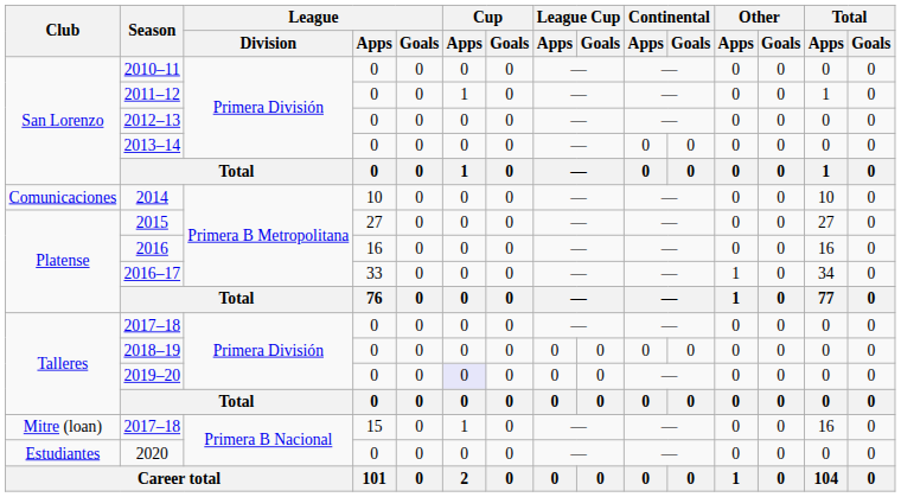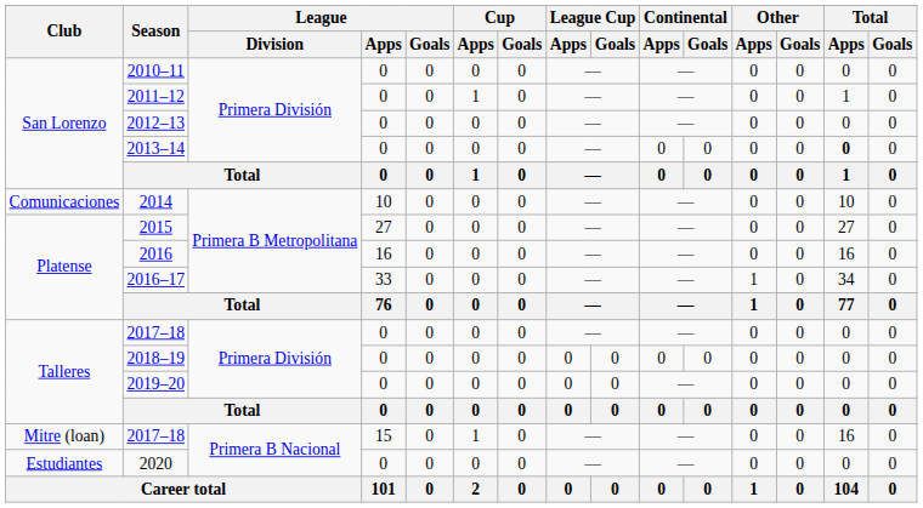 <table class="wikitable" style="text-align:center">
 <tr>
 <th rowspan="2">Club</th>
 <th rowspan="2">Season</th>
 <th colspan="3">League</th>
 <th colspan="2">Cup</th>
 <th colspan="2">League Cup</th>
 <th colspan="2">Continental</th>
 <th colspan="2">Other</th>
 <th colspan="2">Total</th>
 </tr>
 <tr>
 <th>Division</th>
 <th>Apps</th>
 <th>Goals</th>
 <th>Apps</th>
 <th>Goals</th>
 <th>Apps</th>
 <th>Goals</th>
 <th>Apps</th>
 <th>Goals</th>
 <th>Apps</th>
 <th>Goals</th>
 <th>Apps</th>
 <th>Goals</th>
 </tr>
 <tr>
 <td rowspan="5"><a href='#'>San Lorenzo</a></td>
 <td><a href='#'>2010–11</a></td>
 <td rowspan="4"><a href='#'>Primera División</a></td>
 <td>0</td>
 <td>0</td>
 <td>0</td>
 <td>0</td>
 <td colspan="2">—</td>
 <td colspan="2">—</td>
 <td>0</td>
 <td>0</td>
 <td>0</td>
 <td>0</td>
 </tr>
 <tr>
 <td><a href='#'>2011–12</a></td>
 <td>0</td>
 <td>0</td>
 <td>1</td>
 <td>0</td>
 <td colspan="2">—</td>
 <td colspan="2">—</td>
 <td>0</td>
 <td>0</td>
 <td>1</td>
 <td>0</td>
 </tr>
 <tr>
 <td><a href='#'>2012–13</a></td>
 <td>0</td>
 <td>0</td>
 <td>0</td>
 <td>0</td>
 <td colspan="2">—</td>
 <td colspan="2">—</td>
 <td>0</td>
 <td>0</td>
 <td>0</td>
 <td>0</td>
 </tr>
 <tr>
 <td><a href='#'>2013–14</a></td>
 <td>0</td>
 <td>0</td>
 <td>0</td>
 <td>0</td>
 <td colspan="2">—</td>
 <td>0</td>
 <td>0</td>
 <td>0</td>
 <td>0</td>
-<td>0</td>
+<td><strong>0</strong></td>
 <td>0</td>
 </tr>
 <tr>
 <th colspan="2">Total</th>
 <th>0</th>
 <th>0</th>
 <th>1</th>
 <th>0</th>
 <th colspan="2">—</th>
 <th>0</th>
 <th>0</th>
 <th>0</th>
 <th>0</th>
 <th>1</th>
 <th>0</th>
 </tr>
 <tr>
 <td rowspan="1"><a href='#'>Comunicaciones</a></td>
 <td><a href='#'>2014</a></td>
 <td rowspan="4"><a href='#'>Primera B Metropolitana</a></td>
 <td>10</td>
 <td>0</td>
 <td>0</td>
 <td>0</td>
 <td colspan="2">—</td>
 <td colspan="2">—</td>
 <td>0</td>
 <td>0</td>
 <td>10</td>
 <td>0</td>
 </tr>
 <tr>
 <td rowspan="4"><a href='#'>Platense</a></td>
 <td><a href='#'>2015</a></td>
 <td>27</td>
 <td>0</td>
 <td>0</td>
 <td>0</td>
 <td colspan="2">—</td>
 <td colspan="2">—</td>
 <td>0</td>
 <td>0</td>
 <td>27</td>
 <td>0</td>
 </tr>
 <tr>
 <td><a href='#'>2016</a></td>
 <td>16</td>
 <td>0</td>
 <td>0</td>
 <td>0</td>
 <td colspan="2">—</td>
 <td colspan="2">—</td>
 <td>0</td>
 <td>0</td>
 <td>16</td>
 <td>0</td>
 </tr>
 <tr>
 <td><a href='#'>2016–17</a></td>
 <td>33</td>
 <td>0</td>
 <td>0</td>
 <td>0</td>
 <td colspan="2">—</td>
 <td colspan="2">—</td>
 <td>1</td>
 <td>0</td>
 <td>34</td>
 <td>0</td>
 </tr>
 <tr>
 <th colspan="2">Total</th>
 <th>76</th>
 <th>0</th>
 <th>0</th>
 <th>0</th>
 <th colspan="2">—</th>
 <th colspan="2">—</th>
 <th>1</th>
 <th>0</th>
 <th>77</th>
 <th>0</th>
 </tr>
 <tr>
 <td rowspan="4"><a href='#'>Talleres</a></td>
 <td><a href='#'>2017–18</a></td>
 <td rowspan="3"><a href='#'>Primera División</a></td>
 <td>0</td>
 <td>0</td>
 <td>0</td>
 <td>0</td>
 <td colspan="2">—</td>
 <td colspan="2">—</td>
 <td>0</td>
 <td>0</td>
 <td>0</td>
 <td>0</td>
 </tr>
 <tr>
 <td><a href='#'>2018–19</a></td>
 <td>0</td>
 <td>0</td>
 <td>0</td>
 <td>0</td>
 <td>0</td>
 <td>0</td>
 <td>0</td>
 <td>0</td>
 <td>0</td>
 <td>0</td>
 <td>0</td>
 <td>0</td>
 </tr>
 <tr>
 <td><a href='#'>2019–20</a></td>
 <td>0</td>
 <td>0</td>
-<td style="background: lavender;">0</td>
+<td>0</td>
 <td>0</td>
 <td>0</td>
 <td>0</td>
 <td colspan="2">—</td>
 <td>0</td>
 <td>0</td>
 <td>0</td>
 <td>0</td>
 </tr>
 <tr>
 <th colspan="2">Total</th>
 <th>0</th>
 <th>0</th>
 <th>0</th>
 <th>0</th>
 <th>0</th>
 <th>0</th>
 <th>0</th>
 <th>0</th>
 <th>0</th>
 <th>0</th>
 <th>0</th>
 <th>0</th>
 </tr>
 <tr>
 <td rowspan="1"><a href='#'>Mitre</a> (loan)</td>
 <td><a href='#'>2017–18</a></td>
 <td rowspan="2"><a href='#'>Primera B Nacional</a></td>
 <td>15</td>
 <td>0</td>
 <td>1</td>
 <td>0</td>
 <td colspan="2">—</td>
 <td colspan="2">—</td>
 <td>0</td>
 <td>0</td>
 <td>16</td>
 <td>0</td>
 </tr>
 <tr>
 <td rowspan="1"><a href='#'>Estudiantes</a></td>
 <td>2020</td>
 <td>0</td>
 <td>0</td>
 <td>0</td>
 <td>0</td>
 <td colspan="2">—</td>
 <td colspan="2">—</td>
 <td>0</td>
 <td>0</td>
 <td>0</td>
 <td>0</td>
 </tr>
 <tr>
 <th colspan="3">Career total</th>
 <th>101</th>
 <th>0</th>
 <th>2</th>
 <th>0</th>
 <th>0</th>
 <th>0</th>
 <th>0</th>
 <th>0</th>
 <th>1</th>
 <th>0</th>
 <th>104</th>
 <th>0</th>
 </tr>
 </table>
